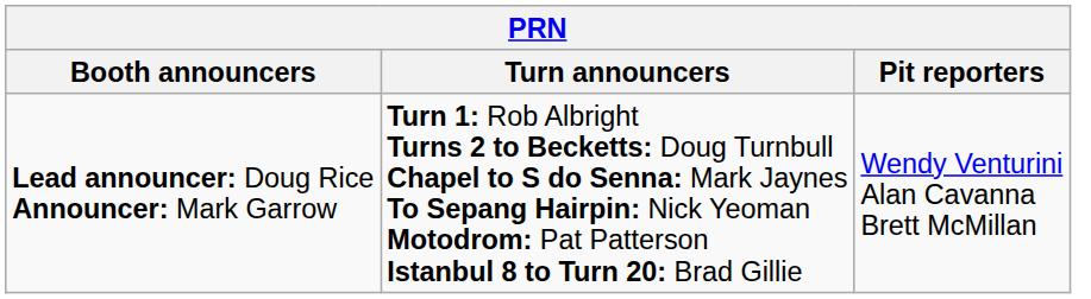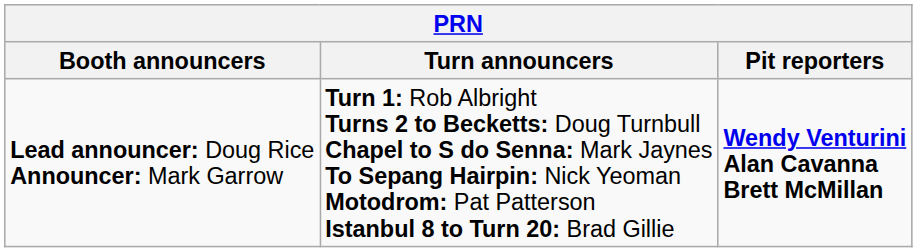 <table class="wikitable" style="font-size: 95%">
 <tr>
 <th colspan="3"><a href='#'>PRN</a></th>
 </tr>
 <tr>
 <th>Booth announcers</th>
 <th>Turn announcers</th>
 <th>Pit reporters</th>
 </tr>
 <tr>
 <td><strong>Lead announcer:</strong> Doug Rice<br><strong>Announcer:</strong> Mark Garrow</td>
 <td><strong>Turn 1:</strong> Rob Albright<br><strong>Turns 2 to Becketts:</strong> Doug Turnbull<br><strong>Chapel to S do Senna:</strong> Mark Jaynes <br><strong>To Sepang Hairpin:</strong> Nick Yeoman<br><strong>Motodrom:</strong> Pat Patterson<br><strong>Istanbul 8 to Turn 20:</strong> Brad Gillie</td>
-<td><a href='#'>Wendy Venturini</a><br>Alan Cavanna<br>Brett McMillan</td>
+<td><strong><a href='#'>Wendy Venturini</a><br>Alan Cavanna<br>Brett McMillan</strong></td>
 </tr>
 </table>
